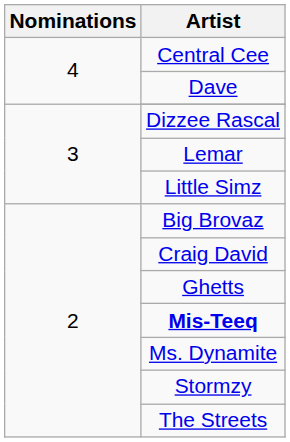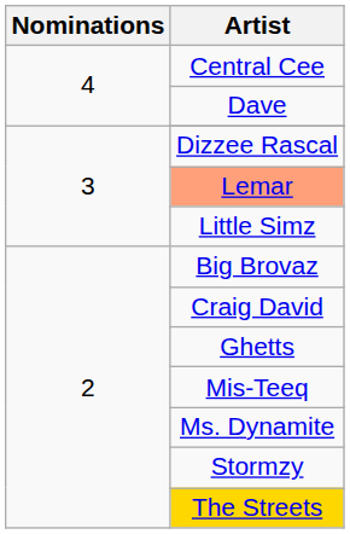 <table class="wikitable" rowspan="2" style="text-align:center;">
 <tr>
 <th scope="col" style="width:55px;">Nominations</th>
 <th scope="col" style="text-align:center;">Artist</th>
 </tr>
 <tr>
 <td rowspan=2>4</td>
 <td><a href='#'>Central Cee</a></td>
 </tr>
 <tr>
 <td><a href='#'>Dave</a></td>
 </tr>
 <tr>
 <td rowspan="4">3</td>
 </tr>
 <tr>
 <td><a href='#'>Dizzee Rascal</a></td>
 </tr>
 <tr>
-<td><a href='#'>Lemar</a></td>
+<td style="background: lightsalmon;"><a href='#'>Lemar</a></td>
 </tr>
 <tr>
 <td><a href='#'>Little Simz</a></td>
 </tr>
 <tr>
 <td rowspan="7">2</td>
 <td><a href='#'>Big Brovaz</a></td>
 </tr>
 <tr>
 <td><a href='#'>Craig David</a></td>
 </tr>
 <tr>
 <td><a href='#'>Ghetts</a></td>
 </tr>
 <tr>
-<td><strong><a href='#'>Mis-Teeq</a></strong></td>
+<td><a href='#'>Mis-Teeq</a></td>
 </tr>
 <tr>
 <td><a href='#'>Ms. Dynamite</a></td>
 </tr>
 <tr>
 <td><a href='#'>Stormzy</a></td>
 </tr>
 <tr>
-<td><a href='#'>The Streets</a></td>
+<td style="background: gold;"><a href='#'>The Streets</a></td>
 </tr>
 </table>
